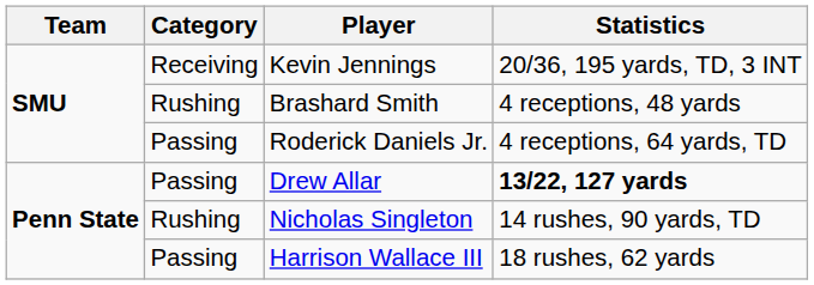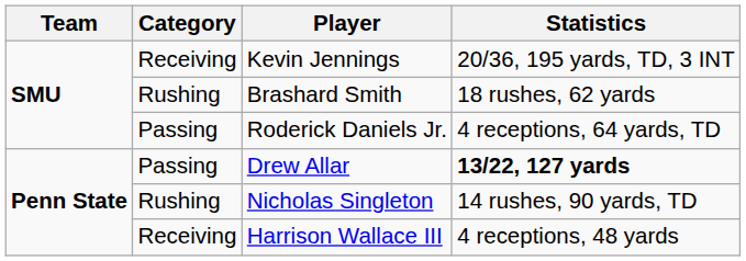 <table class="wikitable" style="float: right;">
 <tr>
 <th>Team</th>
 <th>Category</th>
 <th>Player</th>
 <th>Statistics</th>
 </tr>
 <tr>
 <td rowspan=3><strong>SMU</strong></td>
 <td>Receiving</td>
 <td>Kevin Jennings</td>
 <td>20/36, 195 yards, TD, 3 INT</td>
 </tr>
 <tr>
 <td>Rushing</td>
 <td>Brashard Smith</td>
-<td>4 receptions, 48 yards</td>
+<td>18 rushes, 62 yards</td>
 </tr>
 <tr>
 <td>Passing</td>
 <td>Roderick Daniels Jr.</td>
 <td>4 receptions, 64 yards, TD</td>
 </tr>
 <tr>
 <td rowspan=3><strong>Penn State</strong></td>
 <td>Passing</td>
 <td><a href='#'>Drew Allar</a></td>
 <td><strong>13/22, 127 yards</strong></td>
 </tr>
 <tr>
 <td>Rushing</td>
 <td><a href='#'>Nicholas Singleton</a></td>
 <td>14 rushes, 90 yards, TD</td>
 </tr>
 <tr>
-<td>Passing</td>
+<td>Receiving</td>
 <td><a href='#'>Harrison Wallace III</a></td>
-<td>18 rushes, 62 yards</td>
+<td>4 receptions, 48 yards</td>
 </tr>
 </table>
